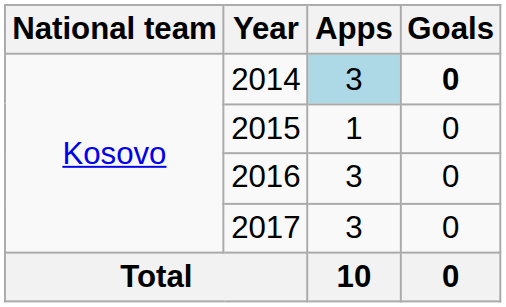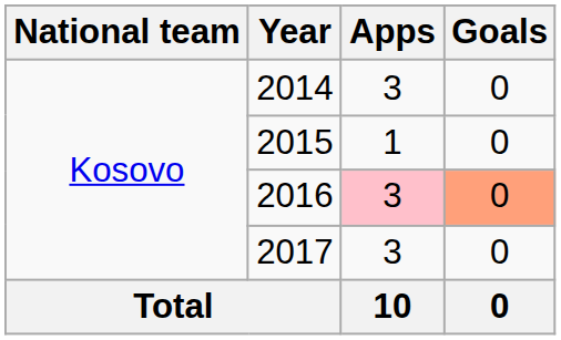 <table class="wikitable" style="text-align:center">
 <tr>
 <th>National team</th>
 <th>Year</th>
 <th>Apps</th>
 <th>Goals</th>
 </tr>
 <tr>
 <td rowspan="4"><a href='#'>Kosovo</a></td>
 <td>2014</td>
-<td style="background: lightblue;">3</td>
-<td><strong>0</strong></td>
+<td>3</td>
+<td>0</td>
 </tr>
 <tr>
 <td>2015</td>
 <td>1</td>
 <td>0</td>
 </tr>
 <tr>
 <td>2016</td>
-<td>3</td>
-<td>0</td>
+<td style="background: pink;">3</td>
+<td style="background: lightsalmon;">0</td>
 </tr>
 <tr>
 <td>2017</td>
 <td>3</td>
 <td>0</td>
 </tr>
 <tr>
 <th colspan="2">Total</th>
 <th>10</th>
 <th>0</th>
 </tr>
 </table>
